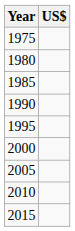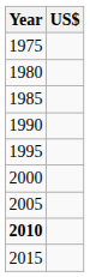 <table class="wikitable floatleft"  style="float:right; text-align:right">
 <tr>
 <th>Year</th>
 <th>US$</th>
 </tr>
 <tr>
 <td>1975</td>
 <td></td>
 </tr>
 <tr>
 <td>1980</td>
 <td></td>
 </tr>
 <tr>
 <td>1985</td>
 <td></td>
 </tr>
 <tr>
 <td>1990</td>
 <td></td>
 </tr>
 <tr>
 <td>1995</td>
 <td></td>
 </tr>
 <tr>
 <td>2000</td>
 <td></td>
 </tr>
 <tr>
 <td>2005</td>
 <td></td>
 </tr>
 <tr>
-<td>2010</td>
+<td><strong>2010</strong></td>
 <td></td>
 </tr>
 <tr>
 <td>2015</td>
 <td></td>
 </tr>
 </table>
